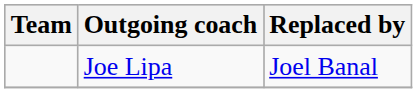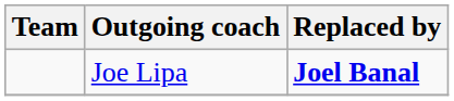 <table class=wikitable>
 <tr>
 <th>Team</th>
 <th>Outgoing coach</th>
 <th>Replaced by</th>
 </tr>
 <tr>
 <td></td>
 <td><a href='#'>Joe Lipa</a></td>
-<td><a href='#'>Joel Banal</a></td>
+<td><strong><a href='#'>Joel Banal</a></strong></td>
 </tr>
 <tr>
 </tr>
 </table>
